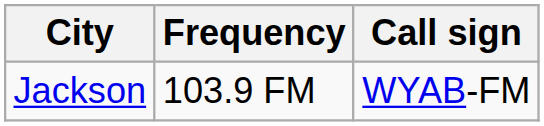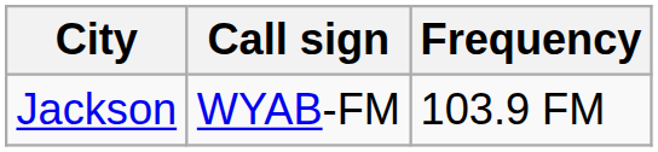 <table class="wikitable">
 <tr>
 <th>City</th>
+<th>Call sign</th>
 <th>Frequency</th>
-<th>Call sign</th>
 </tr>
 <tr>
 <td><a href='#'>Jackson</a></td>
+<td><a href='#'>WYAB</a>-FM</td>
 <td>103.9 FM</td>
-<td><a href='#'>WYAB</a>-FM</td>
 </tr>
 </table>
